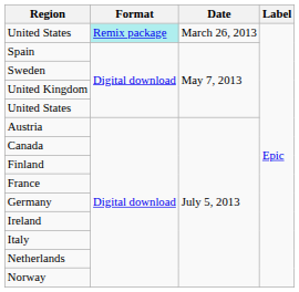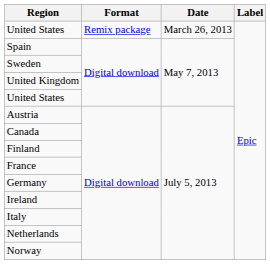 <table class="wikitable">
 <tr>
 <th>Region</th>
 <th>Format</th>
 <th>Date</th>
 <th>Label</th>
 </tr>
 <tr>
 <td>United States</td>
-<td style="background: paleturquoise;"><a href='#'>Remix package</a></td>
+<td><a href='#'>Remix package</a></td>
 <td>March 26, 2013</td>
 <td rowspan="14"><a href='#'>Epic</a></td>
 </tr>
 <tr>
 <td>Spain</td>
 <td rowspan="4"><a href='#'>Digital download</a></td>
 <td rowspan="4">May 7, 2013</td>
 </tr>
 <tr>
 <td>Sweden</td>
 </tr>
 <tr>
 <td>United Kingdom</td>
 </tr>
 <tr>
 <td>United States</td>
 </tr>
 <tr>
 <td>Austria</td>
 <td rowspan="9"><a href='#'>Digital download</a></td>
 <td rowspan="9">July 5, 2013</td>
 </tr>
 <tr>
 <td>Canada</td>
 </tr>
 <tr>
 <td>Finland</td>
 </tr>
 <tr>
 <td>France</td>
 </tr>
 <tr>
 <td>Germany</td>
 </tr>
 <tr>
 <td>Ireland</td>
 </tr>
 <tr>
 <td>Italy</td>
 </tr>
 <tr>
 <td>Netherlands</td>
 </tr>
 <tr>
 <td>Norway</td>
 </tr>
 </table>
